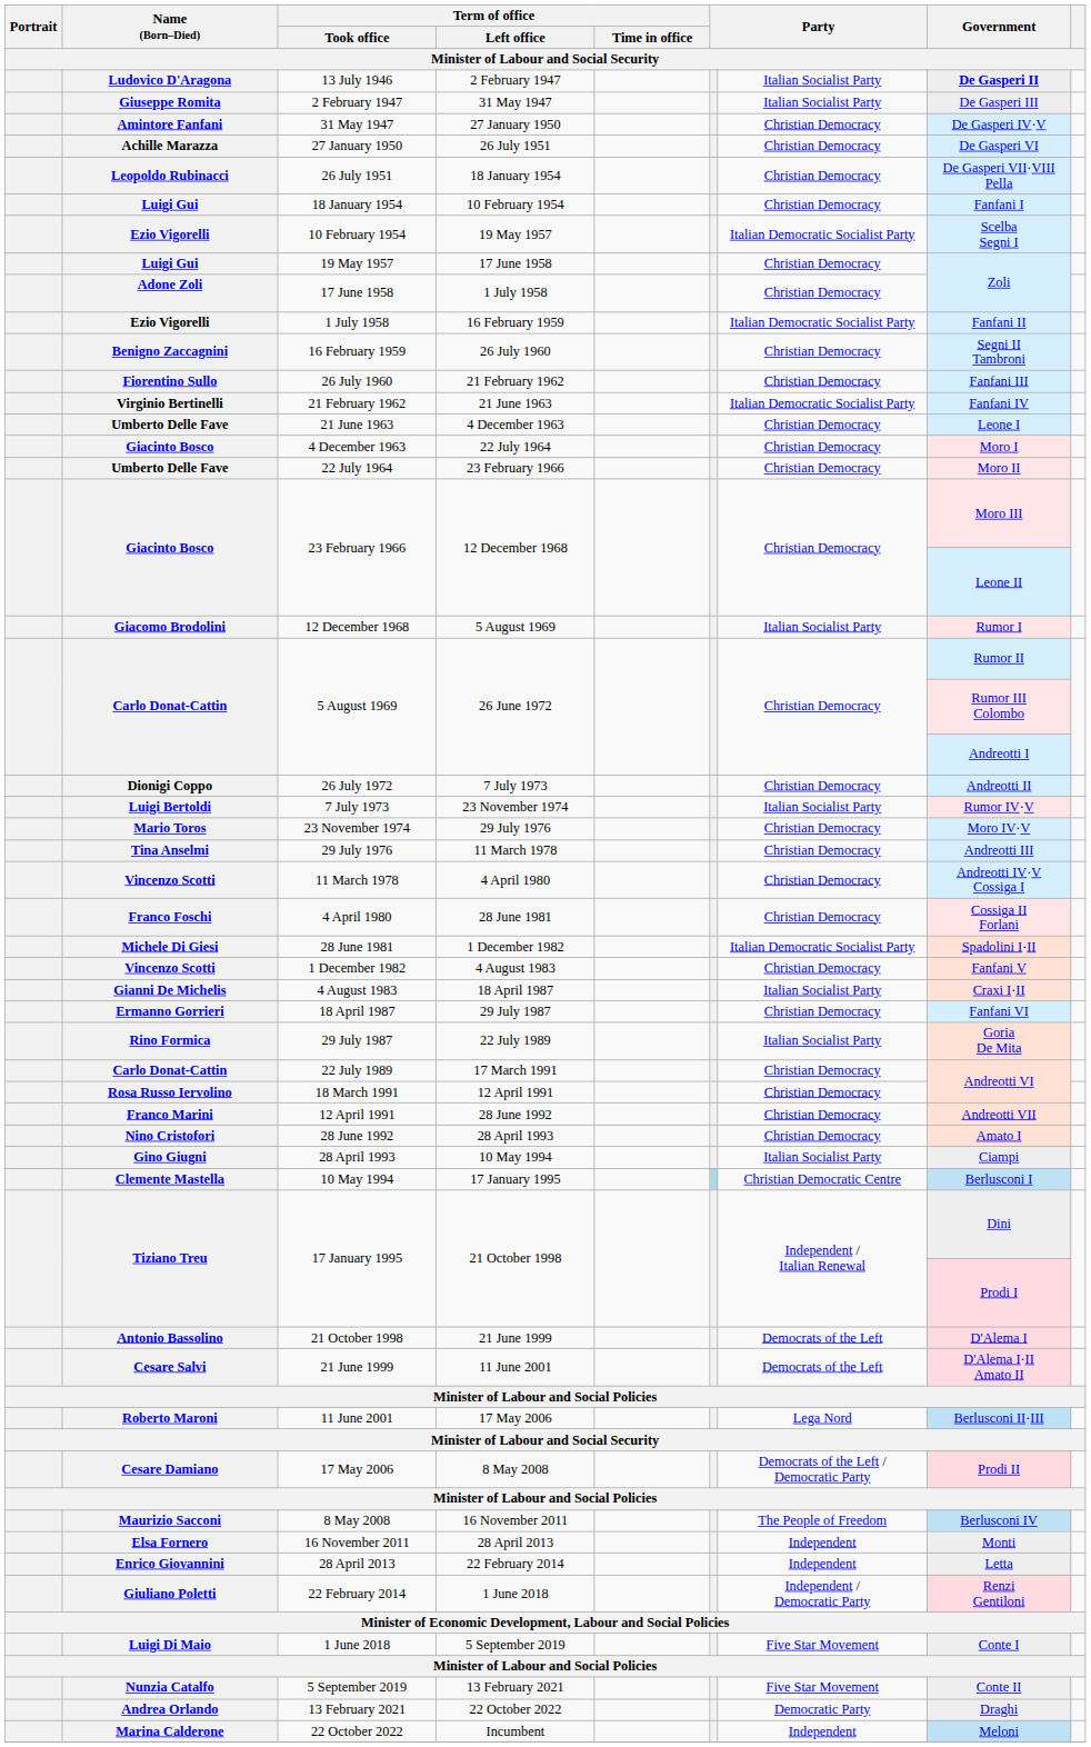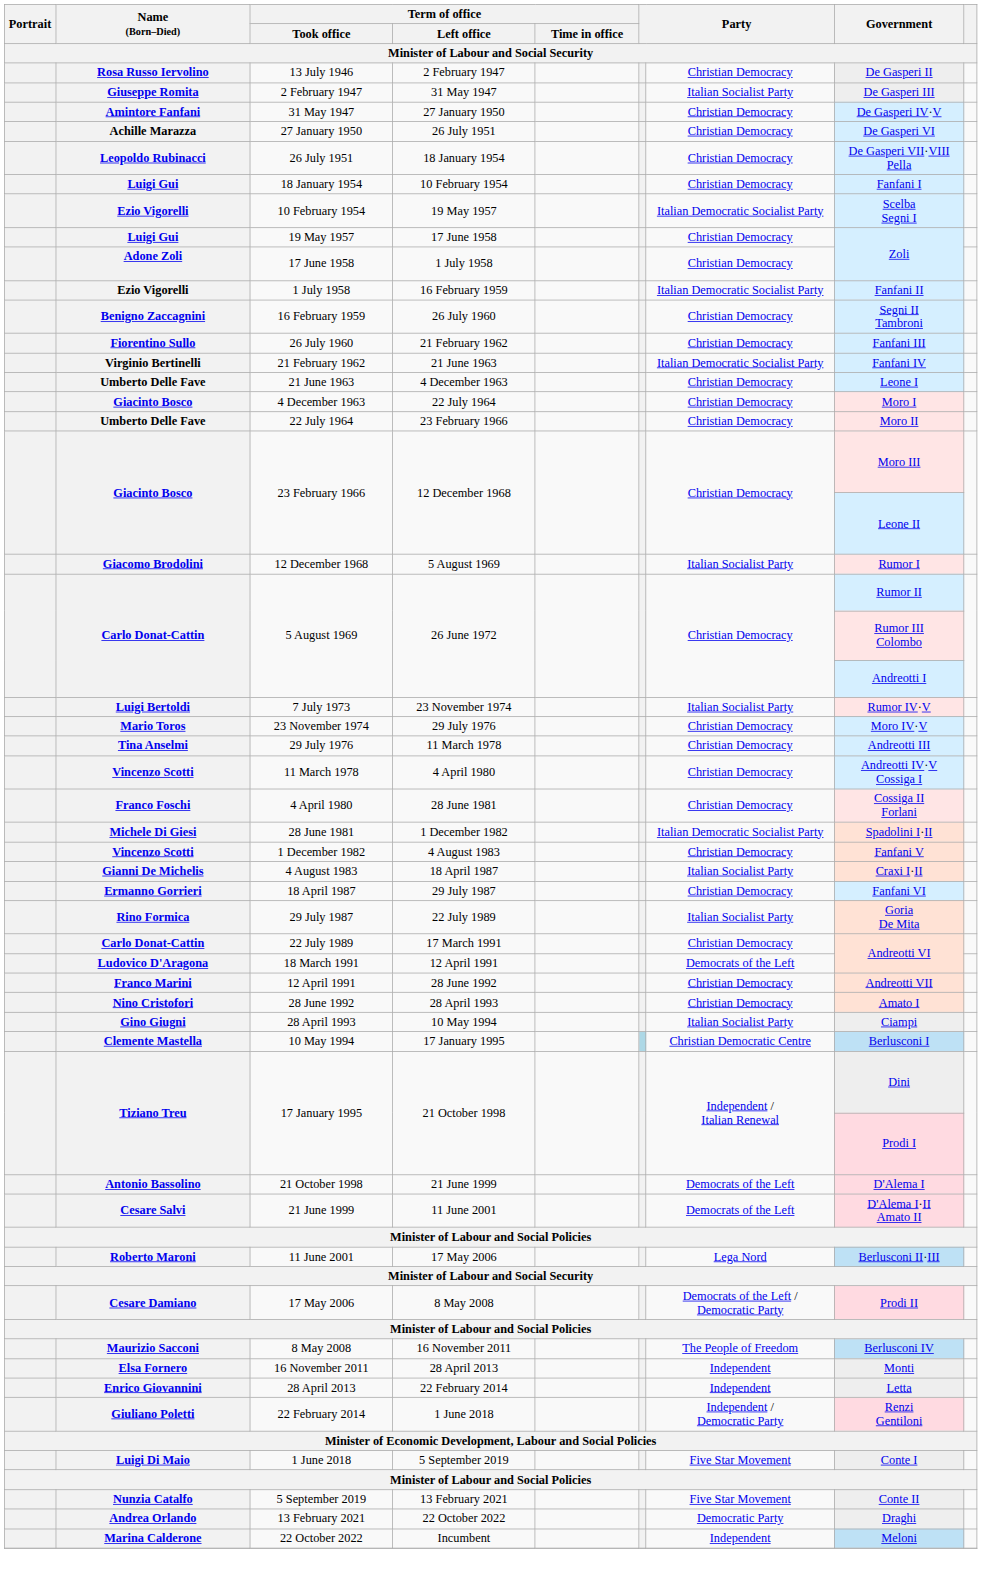 <table class="wikitable" style="text-align:center; style="width=100%">
 <tr>
 <th width=1% rowspan=2>Portrait</th>
 <th width=15% rowspan=2>Name<br><small>(Born–Died)</small></th>
 <th width=30% colspan=3>Term of office</th>
 <th width=15% rowspan=2 colspan=2>Party</th>
 <th width=10% rowspan=2>Government</th>
 <th width=1% rowspan=2></th>
 </tr>
 <tr style="text-align:center;">
 <th width=11%>Took office</th>
 <th width=11%>Left office</th>
 <th width=8%>Time in office</th>
 </tr>
 <tr>
 <th colspan=9>Minister of Labour and Social Security</th>
 </tr>
 <tr>
 <th></th>
-<th scope="row" style="font-weight:normal"><strong><a href='#'>Ludovico D'Aragona</a></strong><br></th>
+<th scope="row" style="font-weight:normal"><strong><a href='#'>Rosa Russo Iervolino</a></strong><br></th>
 <td>13 July 1946</td>
 <td>2 February 1947</td>
 <td></td>
 <th style="background:"></th>
-<td><a href='#'>Italian Socialist Party</a></td>
-<td bgcolor=#EEEEEE><strong><a href='#'>De Gasperi II</a></strong></td>
+<td><a href='#'>Christian Democracy</a></td>
+<td bgcolor=#EEEEEE><a href='#'>De Gasperi II</a></td>
 <td></td>
 </tr>
 <tr>
 <th></th>
 <th scope="row" style="font-weight:normal"><strong><a href='#'>Giuseppe Romita</a></strong><br></th>
 <td>2 February 1947</td>
 <td>31 May 1947</td>
 <td></td>
 <th style="background:"></th>
 <td><a href='#'>Italian Socialist Party</a></td>
 <td bgcolor=#EEEEEE><a href='#'>De Gasperi III</a></td>
 <td></td>
 </tr>
 <tr>
 <th></th>
 <th scope="row" style="font-weight:normal"><strong><a href='#'>Amintore Fanfani</a></strong><br></th>
 <td>31 May 1947</td>
 <td>27 January 1950</td>
 <td></td>
 <th style="background:"></th>
 <td><a href='#'>Christian Democracy</a></td>
 <td bgcolor=#D5EFFF><a href='#'>De Gasperi IV</a>·<a href='#'>V</a></td>
 <td></td>
 </tr>
 <tr>
 <th></th>
 <th scope="row" style="font-weight:normal"><strong>Achille Marazza</strong><br></th>
 <td>27 January 1950</td>
 <td>26 July 1951</td>
 <td></td>
 <th style="background:"></th>
 <td><a href='#'>Christian Democracy</a></td>
 <td bgcolor=#D5EFFF><a href='#'>De Gasperi VI</a></td>
 <td></td>
 </tr>
 <tr>
 <th></th>
 <th scope="row" style="font-weight:normal"><strong><a href='#'>Leopoldo Rubinacci</a></strong><br></th>
 <td>26 July 1951</td>
 <td>18 January 1954</td>
 <td></td>
 <th style="background:"></th>
 <td><a href='#'>Christian Democracy</a></td>
 <td bgcolor=#D5EFFF><a href='#'>De Gasperi VII</a>·<a href='#'>VIII</a><br><a href='#'>Pella</a></td>
 <td></td>
 </tr>
 <tr>
 <th></th>
 <th scope="row" style="font-weight:normal"><strong><a href='#'>Luigi Gui</a></strong><br></th>
 <td>18 January 1954</td>
 <td>10 February 1954</td>
 <td></td>
 <th style="background:"></th>
 <td><a href='#'>Christian Democracy</a></td>
 <td bgcolor=#D5EFFF><a href='#'>Fanfani I</a></td>
 <td></td>
 </tr>
 <tr>
 <th></th>
 <th scope="row" style="font-weight:normal"><strong><a href='#'>Ezio Vigorelli</a></strong><br></th>
 <td>10 February 1954</td>
 <td>19 May 1957</td>
 <td></td>
 <th style="background:"></th>
 <td><a href='#'>Italian Democratic Socialist Party</a></td>
 <td bgcolor=#D5EFFF><a href='#'>Scelba</a><br><a href='#'>Segni I</a></td>
 <td></td>
 </tr>
 <tr>
 <th></th>
 <th scope="row" style="font-weight:normal"><strong><a href='#'>Luigi Gui</a></strong><br></th>
 <td>19 May 1957</td>
 <td>17 June 1958</td>
 <td></td>
 <th style="background:"></th>
 <td><a href='#'>Christian Democracy</a></td>
 <td rowspan=2 bgcolor=#D5EFFF><a href='#'>Zoli</a></td>
 <td></td>
 </tr>
 <tr>
 <th></th>
 <th scope="row" style="font-weight:normal"><strong><a href='#'>Adone Zoli</a></strong><br><br><em></em></th>
 <td>17 June 1958</td>
 <td>1 July 1958</td>
 <td></td>
 <th style="background:"></th>
 <td><a href='#'>Christian Democracy</a></td>
 <td></td>
 </tr>
 <tr>
 <th></th>
 <th scope="row" style="font-weight:normal"><strong>Ezio Vigorelli</strong><br></th>
 <td>1 July 1958</td>
 <td>16 February 1959</td>
 <td></td>
 <th style="background:"></th>
 <td><a href='#'>Italian Democratic Socialist Party</a></td>
 <td bgcolor=#D5EFFF><a href='#'>Fanfani II</a></td>
 <td></td>
 </tr>
 <tr>
 <th></th>
 <th scope="row" style="font-weight:normal"><strong><a href='#'>Benigno Zaccagnini</a></strong><br></th>
 <td>16 February 1959</td>
 <td>26 July 1960</td>
 <td></td>
 <th style="background:"></th>
 <td><a href='#'>Christian Democracy</a></td>
 <td bgcolor=#D5EFFF><a href='#'>Segni II</a><br><a href='#'>Tambroni</a></td>
 <td></td>
 </tr>
 <tr>
 <th></th>
 <th scope="row" style="font-weight:normal"><strong><a href='#'>Fiorentino Sullo</a></strong><br></th>
 <td>26 July 1960</td>
 <td>21 February 1962</td>
 <td></td>
 <th style="background:"></th>
 <td><a href='#'>Christian Democracy</a></td>
 <td bgcolor=#D5EFFF><a href='#'>Fanfani III</a></td>
 <td></td>
 </tr>
 <tr>
 <th></th>
 <th scope="row" style="font-weight:normal"><strong>Virginio Bertinelli</strong><br></th>
 <td>21 February 1962</td>
 <td>21 June 1963</td>
 <td></td>
 <th style="background:"></th>
 <td><a href='#'>Italian Democratic Socialist Party</a></td>
 <td bgcolor=#D5EFFF><a href='#'>Fanfani IV</a></td>
 <td></td>
 </tr>
 <tr>
 <th></th>
 <th scope="row" style="font-weight:normal"><strong>Umberto Delle Fave</strong><br></th>
 <td>21 June 1963</td>
 <td>4 December 1963</td>
 <td></td>
 <th style="background:"></th>
 <td><a href='#'>Christian Democracy</a></td>
 <td bgcolor=#D5EFFF><a href='#'>Leone I</a></td>
 <td></td>
 </tr>
 <tr>
 <th></th>
 <th scope="row" style="font-weight:normal"><strong><a href='#'>Giacinto Bosco</a></strong><br></th>
 <td>4 December 1963</td>
 <td>22 July 1964</td>
 <td></td>
 <th style="background:"></th>
 <td><a href='#'>Christian Democracy</a></td>
 <td bgcolor=#FFE5E5><a href='#'>Moro I</a></td>
 <td></td>
 </tr>
 <tr>
 <th></th>
 <th scope="row" style="font-weight:normal"><strong>Umberto Delle Fave</strong><br></th>
 <td>22 July 1964</td>
 <td>23 February 1966</td>
 <td></td>
 <th style="background:"></th>
 <td><a href='#'>Christian Democracy</a></td>
 <td bgcolor=#FFE5E5><a href='#'>Moro II</a></td>
 <td></td>
 </tr>
 <tr style="height:5em;">
 <th rowspan=2></th>
 <th scope="row" style="font-weight:normal" rowspan=2><strong><a href='#'>Giacinto Bosco</a></strong><br></th>
 <td rowspan=2>23 February 1966</td>
 <td rowspan=2>12 December 1968</td>
 <td rowspan=2></td>
 <th rowspan=2 style="background:"></th>
 <td rowspan=2><a href='#'>Christian Democracy</a></td>
 <td bgcolor=#FFE5E5><a href='#'>Moro III</a></td>
 <td rowspan=2></td>
 </tr>
 <tr style="height:5em;">
 <td bgcolor=#D5EFFF><a href='#'>Leone II</a></td>
 </tr>
 <tr>
 <th></th>
 <th scope="row" style="font-weight:normal"><strong><a href='#'>Giacomo Brodolini</a></strong><br></th>
 <td>12 December 1968</td>
 <td>5 August 1969</td>
 <td></td>
 <th style="background:"></th>
 <td><a href='#'>Italian Socialist Party</a></td>
 <td bgcolor=#FFE5E5><a href='#'>Rumor I</a></td>
 <td></td>
 </tr>
 <tr style="height:3em;">
 <th rowspan=3></th>
 <th scope="row" style="font-weight:normal" rowspan=3><strong><a href='#'>Carlo Donat-Cattin</a></strong><br></th>
 <td rowspan=3>5 August 1969</td>
 <td rowspan=3>26 June 1972</td>
 <td rowspan=3></td>
 <th rowspan=3 style="background:"></th>
 <td rowspan=3><a href='#'>Christian Democracy</a></td>
 <td bgcolor=#D5EFFF><a href='#'>Rumor II</a></td>
 <td rowspan=3></td>
 </tr>
 <tr style="height:4em;">
 <td bgcolor=#FFE5E5><a href='#'>Rumor III</a><br><a href='#'>Colombo</a></td>
 </tr>
 <tr style="height:3em;">
 <td bgcolor=#D5EFFF><a href='#'>Andreotti I</a></td>
 </tr>
 <tr>
 <th></th>
-<th scope="row" style="font-weight:normal"><strong>Dionigi Coppo</strong><br></th>
-<td>26 July 1972</td>
-<td>7 July 1973</td>
-<td></td>
-<th style="background:"></th>
-<td><a href='#'>Christian Democracy</a></td>
-<td bgcolor=#D5EFFF><a href='#'>Andreotti II</a></td>
-<td></td>
-</tr>
-<tr>
-<th></th>
 <th scope="row" style="font-weight:normal"><strong><a href='#'>Luigi Bertoldi</a></strong><br></th>
 <td>7 July 1973</td>
 <td>23 November 1974</td>
 <td></td>
 <th style="background:"></th>
 <td><a href='#'>Italian Socialist Party</a></td>
 <td bgcolor=#FFE5E5><a href='#'>Rumor IV</a>·<a href='#'>V</a></td>
 <td></td>
 </tr>
 <tr>
 <th></th>
 <th scope="row" style="font-weight:normal"><strong><a href='#'>Mario Toros</a></strong><br></th>
 <td>23 November 1974</td>
 <td>29 July 1976</td>
 <td></td>
 <th style="background:"></th>
 <td><a href='#'>Christian Democracy</a></td>
 <td bgcolor=#D5EFFF><a href='#'>Moro IV</a>·<a href='#'>V</a></td>
 <td></td>
 </tr>
 <tr>
 <th></th>
 <th scope="row" style="font-weight:normal"><strong><a href='#'>Tina Anselmi</a></strong><br></th>
 <td>29 July 1976</td>
 <td>11 March 1978</td>
 <td></td>
 <th style="background:"></th>
 <td><a href='#'>Christian Democracy</a></td>
 <td bgcolor=#D5EFFF><a href='#'>Andreotti III</a></td>
 <td></td>
 </tr>
 <tr>
 <th></th>
 <th scope="row" style="font-weight:normal"><strong><a href='#'>Vincenzo Scotti</a></strong><br></th>
 <td>11 March 1978</td>
 <td>4 April 1980</td>
 <td></td>
 <th style="background:"></th>
 <td><a href='#'>Christian Democracy</a></td>
 <td bgcolor=#D5EFFF><a href='#'>Andreotti IV</a>·<a href='#'>V</a><br><a href='#'>Cossiga I</a></td>
 <td></td>
 </tr>
 <tr>
 <th></th>
 <th scope="row" style="font-weight:normal"><strong><a href='#'>Franco Foschi</a></strong><br></th>
 <td>4 April 1980</td>
 <td>28 June 1981</td>
 <td></td>
 <th style="background:"></th>
 <td><a href='#'>Christian Democracy</a></td>
 <td bgcolor=#FFE5E5><a href='#'>Cossiga II</a><br><a href='#'>Forlani</a></td>
 <td></td>
 </tr>
 <tr>
 <th></th>
 <th scope="row" style="font-weight:normal"><strong><a href='#'>Michele Di Giesi</a></strong><br></th>
 <td>28 June 1981</td>
 <td>1 December 1982</td>
 <td></td>
 <th style="background:"></th>
 <td><a href='#'>Italian Democratic Socialist Party</a></td>
 <td bgcolor=#FFE2D5><a href='#'>Spadolini I</a>·<a href='#'>II</a></td>
 <td></td>
 </tr>
 <tr>
 <th></th>
 <th scope="row" style="font-weight:normal"><strong><a href='#'>Vincenzo Scotti</a></strong><br></th>
 <td>1 December 1982</td>
 <td>4 August 1983</td>
 <td></td>
 <th style="background:"></th>
 <td><a href='#'>Christian Democracy</a></td>
 <td bgcolor=#FFE2D5><a href='#'>Fanfani V</a></td>
 <td></td>
 </tr>
 <tr>
 <th></th>
 <th scope="row" style="font-weight:normal"><strong><a href='#'>Gianni De Michelis</a></strong><br></th>
 <td>4 August 1983</td>
 <td>18 April 1987</td>
 <td></td>
 <th style="background:"></th>
 <td><a href='#'>Italian Socialist Party</a></td>
 <td bgcolor=#FFE2D5><a href='#'>Craxi I</a>·<a href='#'>II</a></td>
 <td></td>
 </tr>
 <tr>
 <th></th>
 <th scope="row" style="font-weight:normal"><strong><a href='#'>Ermanno Gorrieri</a></strong><br></th>
 <td>18 April 1987</td>
 <td>29 July 1987</td>
 <td></td>
 <th style="background:"></th>
 <td><a href='#'>Christian Democracy</a></td>
 <td bgcolor=#D5EFFF><a href='#'>Fanfani VI</a></td>
 <td></td>
 </tr>
 <tr>
 <th></th>
 <th scope="row" style="font-weight:normal"><strong><a href='#'>Rino Formica</a></strong><br></th>
 <td>29 July 1987</td>
 <td>22 July 1989</td>
 <td></td>
 <th style="background:"></th>
 <td><a href='#'>Italian Socialist Party</a></td>
 <td bgcolor=#FFE2D5><a href='#'>Goria</a><br><a href='#'>De Mita</a></td>
 <td></td>
 </tr>
 <tr>
 <th></th>
 <th scope="row" style="font-weight:normal"><strong><a href='#'>Carlo Donat-Cattin</a></strong><br></th>
 <td>22 July 1989</td>
 <td>17 March 1991</td>
 <td></td>
 <th style="background:"></th>
 <td><a href='#'>Christian Democracy</a></td>
 <td rowspan=2 bgcolor=#FFE2D5><a href='#'>Andreotti VI</a></td>
 <td></td>
 </tr>
 <tr>
 <th></th>
-<th scope="row" style="font-weight:normal"><strong><a href='#'>Rosa Russo Iervolino</a></strong><br></th>
+<th scope="row" style="font-weight:normal"><strong><a href='#'>Ludovico D'Aragona</a></strong><br></th>
 <td>18 March 1991</td>
 <td>12 April 1991</td>
 <td></td>
 <th style="background:"></th>
-<td><a href='#'>Christian Democracy</a></td>
+<td><a href='#'>Democrats of the Left</a></td>
 <td></td>
 </tr>
 <tr>
 <th></th>
 <th scope="row" style="font-weight:normal"><strong><a href='#'>Franco Marini</a></strong><br></th>
 <td>12 April 1991</td>
 <td>28 June 1992</td>
 <td></td>
 <th style="background:"></th>
 <td><a href='#'>Christian Democracy</a></td>
 <td bgcolor=#FFE2D5><a href='#'>Andreotti VII</a></td>
 <td></td>
 </tr>
 <tr>
 <th></th>
 <th scope="row" style="font-weight:normal"><strong><a href='#'>Nino Cristofori</a></strong><br></th>
 <td>28 June 1992</td>
 <td>28 April 1993</td>
 <td></td>
 <th style="background:"></th>
 <td><a href='#'>Christian Democracy</a></td>
 <td bgcolor=#FFE2D5><a href='#'>Amato I</a></td>
 <td></td>
 </tr>
 <tr>
 <th></th>
 <th scope="row" style="font-weight:normal"><strong><a href='#'>Gino Giugni</a></strong><br></th>
 <td>28 April 1993</td>
 <td>10 May 1994</td>
 <td></td>
 <th style="background:"></th>
 <td><a href='#'>Italian Socialist Party</a></td>
 <td bgcolor=#EEEEEE><a href='#'>Ciampi</a></td>
 <td></td>
 </tr>
 <tr>
 <th></th>
 <th scope="row" style="font-weight:normal"><strong><a href='#'>Clemente Mastella</a></strong><br></th>
 <td>10 May 1994</td>
 <td>17 January 1995</td>
 <td></td>
 <th style="background:lightblue;"></th>
 <td><a href='#'>Christian Democratic Centre</a></td>
 <td bgcolor=#BEE1F5><a href='#'>Berlusconi I</a></td>
 <td></td>
 </tr>
 <tr style="height:5em;">
 <th rowspan=2></th>
 <th scope="row" style="font-weight:normal" rowspan=2><strong><a href='#'>Tiziano Treu</a></strong><br></th>
 <td rowspan=2>17 January 1995</td>
 <td rowspan=2>21 October 1998</td>
 <td rowspan=2></td>
 <th rowspan=2 style="background:"></th>
 <td rowspan=2><a href='#'>Independent</a> /<br> <a href='#'>Italian Renewal</a></td>
 <td bgcolor=#EEEEEE><a href='#'>Dini</a></td>
 <td rowspan=2></td>
 </tr>
 <tr style="height:5em;">
 <td bgcolor=#FFDAE1><a href='#'>Prodi I</a></td>
 </tr>
 <tr>
 <th></th>
 <th scope="row" style="font-weight:normal"><strong><a href='#'>Antonio Bassolino</a></strong><br></th>
 <td>21 October 1998</td>
 <td>21 June 1999</td>
 <td></td>
 <th style="background:"></th>
 <td><a href='#'>Democrats of the Left</a></td>
 <td bgcolor=#FFDAE1><a href='#'>D'Alema I</a></td>
 <td></td>
 </tr>
 <tr>
 <th></th>
 <th scope="row" style="font-weight:normal"><strong><a href='#'>Cesare Salvi</a></strong><br></th>
 <td>21 June 1999</td>
 <td>11 June 2001</td>
 <td></td>
 <th style="background:"></th>
 <td><a href='#'>Democrats of the Left</a></td>
 <td bgcolor=#FFDAE1><a href='#'>D'Alema I</a>·<a href='#'>II</a><br><a href='#'>Amato II</a></td>
 <td></td>
 </tr>
 <tr>
 <th colspan=9>Minister of Labour and Social Policies</th>
 </tr>
 <tr>
 <th></th>
 <th scope="row" style="font-weight:normal"><strong><a href='#'>Roberto Maroni</a></strong><br></th>
 <td>11 June 2001</td>
 <td>17 May 2006</td>
 <td></td>
 <th style="background:"></th>
 <td><a href='#'>Lega Nord</a></td>
 <td bgcolor=#BEE1F5><a href='#'>Berlusconi II</a>·<a href='#'>III</a></td>
 <td></td>
 </tr>
 <tr>
 <th colspan=9>Minister of Labour and Social Security</th>
 </tr>
 <tr>
 <th></th>
 <th scope="row" style="font-weight:normal"><strong><a href='#'>Cesare Damiano</a></strong><br></th>
 <td>17 May 2006</td>
 <td>8 May 2008</td>
 <td></td>
 <th style="background:"></th>
 <td><a href='#'>Democrats of the Left</a> /<br><a href='#'>Democratic Party</a></td>
 <td bgcolor=#FFDAE1><a href='#'>Prodi II</a></td>
 <td></td>
 </tr>
 <tr>
 <th colspan=9>Minister of Labour and Social Policies</th>
 </tr>
 <tr>
 <th></th>
 <th scope="row" style="font-weight:normal"><strong><a href='#'>Maurizio Sacconi</a></strong><br></th>
 <td>8 May 2008</td>
 <td>16 November 2011</td>
 <td></td>
 <th style="background:"></th>
 <td><a href='#'>The People of Freedom</a></td>
 <td bgcolor=#BEE1F5><a href='#'>Berlusconi IV</a></td>
 <td></td>
 </tr>
 <tr>
 <th></th>
 <th scope="row" style="font-weight:normal"><strong><a href='#'>Elsa Fornero</a></strong><br></th>
 <td>16 November 2011</td>
 <td>28 April 2013</td>
 <td></td>
 <th style="background:"></th>
 <td><a href='#'>Independent</a></td>
 <td bgcolor=#EEEEEE><a href='#'>Monti</a></td>
 <td></td>
 </tr>
 <tr>
 <th></th>
 <th scope="row" style="font-weight:normal"><strong><a href='#'>Enrico Giovannini</a></strong><br></th>
 <td>28 April 2013</td>
 <td>22 February 2014</td>
 <td></td>
 <th style="background:"></th>
 <td><a href='#'>Independent</a></td>
 <td bgcolor=#EEEEEE><a href='#'>Letta</a></td>
 <td></td>
 </tr>
 <tr>
 <th></th>
 <th scope="row" style="font-weight:normal"><strong><a href='#'>Giuliano Poletti</a></strong><br></th>
 <td>22 February 2014</td>
 <td>1 June 2018</td>
 <td></td>
 <th style="background:"></th>
 <td><a href='#'>Independent</a> /<br><a href='#'>Democratic Party</a></td>
 <td bgcolor=#FFDAE1><a href='#'>Renzi</a><br><a href='#'>Gentiloni</a></td>
 <td></td>
 </tr>
 <tr>
 <th colspan=9>Minister of Economic Development, Labour and Social Policies</th>
 </tr>
 <tr>
 <th></th>
 <th scope="row" style="font-weight:normal"><strong><a href='#'>Luigi Di Maio</a></strong><br></th>
 <td>1 June 2018</td>
 <td>5 September 2019</td>
 <td></td>
 <th style="background:"></th>
 <td><a href='#'>Five Star Movement</a></td>
 <td bgcolor=#EEEEEE><a href='#'>Conte I</a></td>
 <td></td>
 </tr>
 <tr>
 <th colspan=9>Minister of Labour and Social Policies</th>
 </tr>
 <tr>
 <th></th>
 <th scope="row" style="font-weight:normal"><strong><a href='#'>Nunzia Catalfo</a></strong><br></th>
 <td>5 September 2019</td>
 <td>13 February 2021</td>
 <td></td>
 <th style="background:"></th>
 <td><a href='#'>Five Star Movement</a></td>
 <td bgcolor=#EEEEEE><a href='#'>Conte II</a></td>
 <td></td>
 </tr>
 <tr>
 <th></th>
 <th scope="row" style="font-weight:normal"><strong><a href='#'>Andrea Orlando</a></strong><br></th>
 <td>13 February 2021</td>
 <td>22 October 2022</td>
 <td></td>
 <th style="background:"></th>
 <td><a href='#'>Democratic Party</a></td>
 <td bgcolor=#EEEEEE><a href='#'>Draghi</a></td>
 <td></td>
 </tr>
 <tr>
 <th></th>
 <th scope="row" style="font-weight:normal"><strong><a href='#'>Marina Calderone</a></strong><br></th>
 <td>22 October 2022</td>
 <td>Incumbent</td>
 <td></td>
 <th style="background:"></th>
 <td><a href='#'>Independent</a></td>
 <td bgcolor=#BEE1F5><a href='#'>Meloni</a></td>
 <td></td>
 </tr>
 <tr>
 </tr>
 </table>
